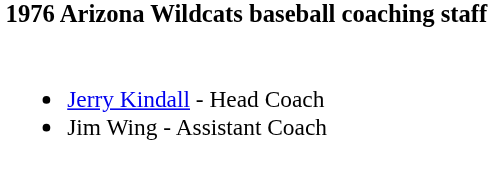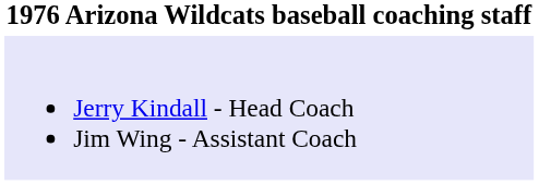 <table class="toccolours">
 <tr>
 <th colspan="9">1976 Arizona Wildcats baseball coaching staff</th>
 </tr>
 <tr>
-<td style="text-align: left; font-size: 95%;" valign="top"><br><ul><li><a href='#'>Jerry Kindall</a> - Head Coach</li><li>Jim Wing - Assistant Coach</li></ul></td>
+<td style="background: lavender; text-align: left; font-size: 95%;" valign="top"><br><ul><li><a href='#'>Jerry Kindall</a> - Head Coach</li><li>Jim Wing - Assistant Coach</li></ul></td>
 </tr>
 </table>
